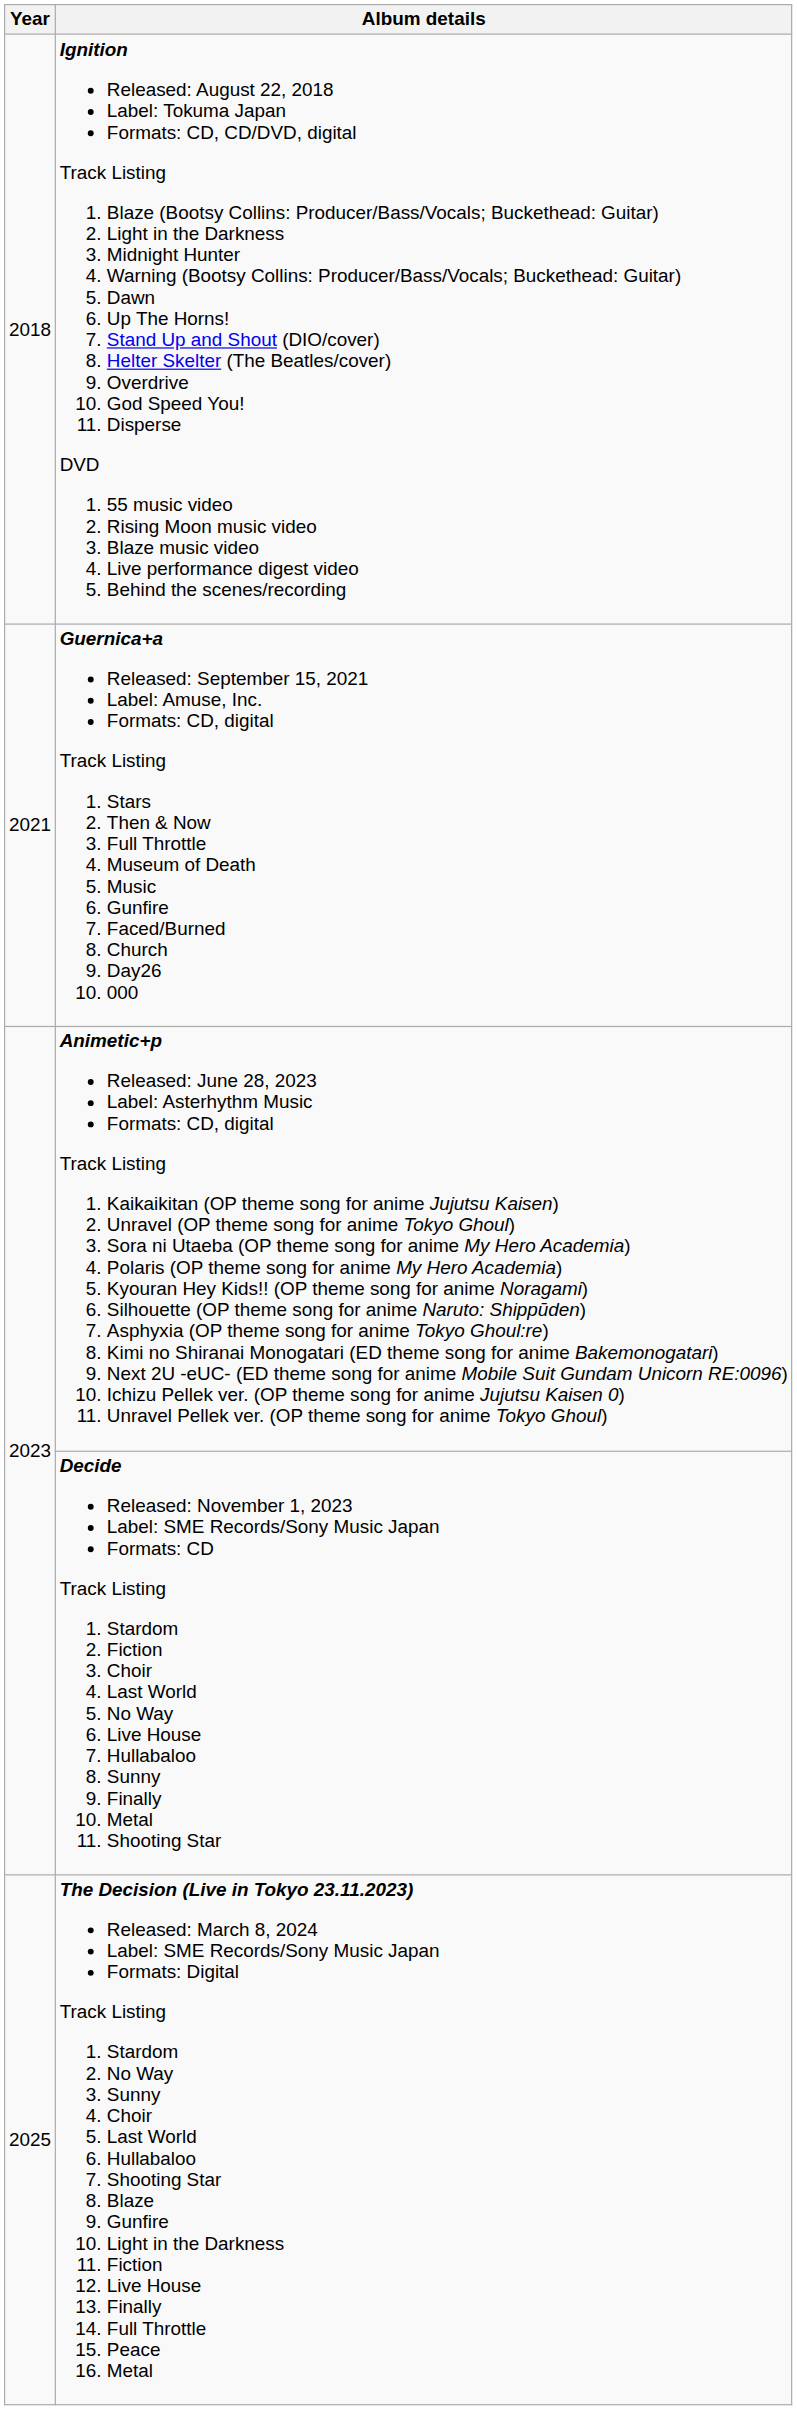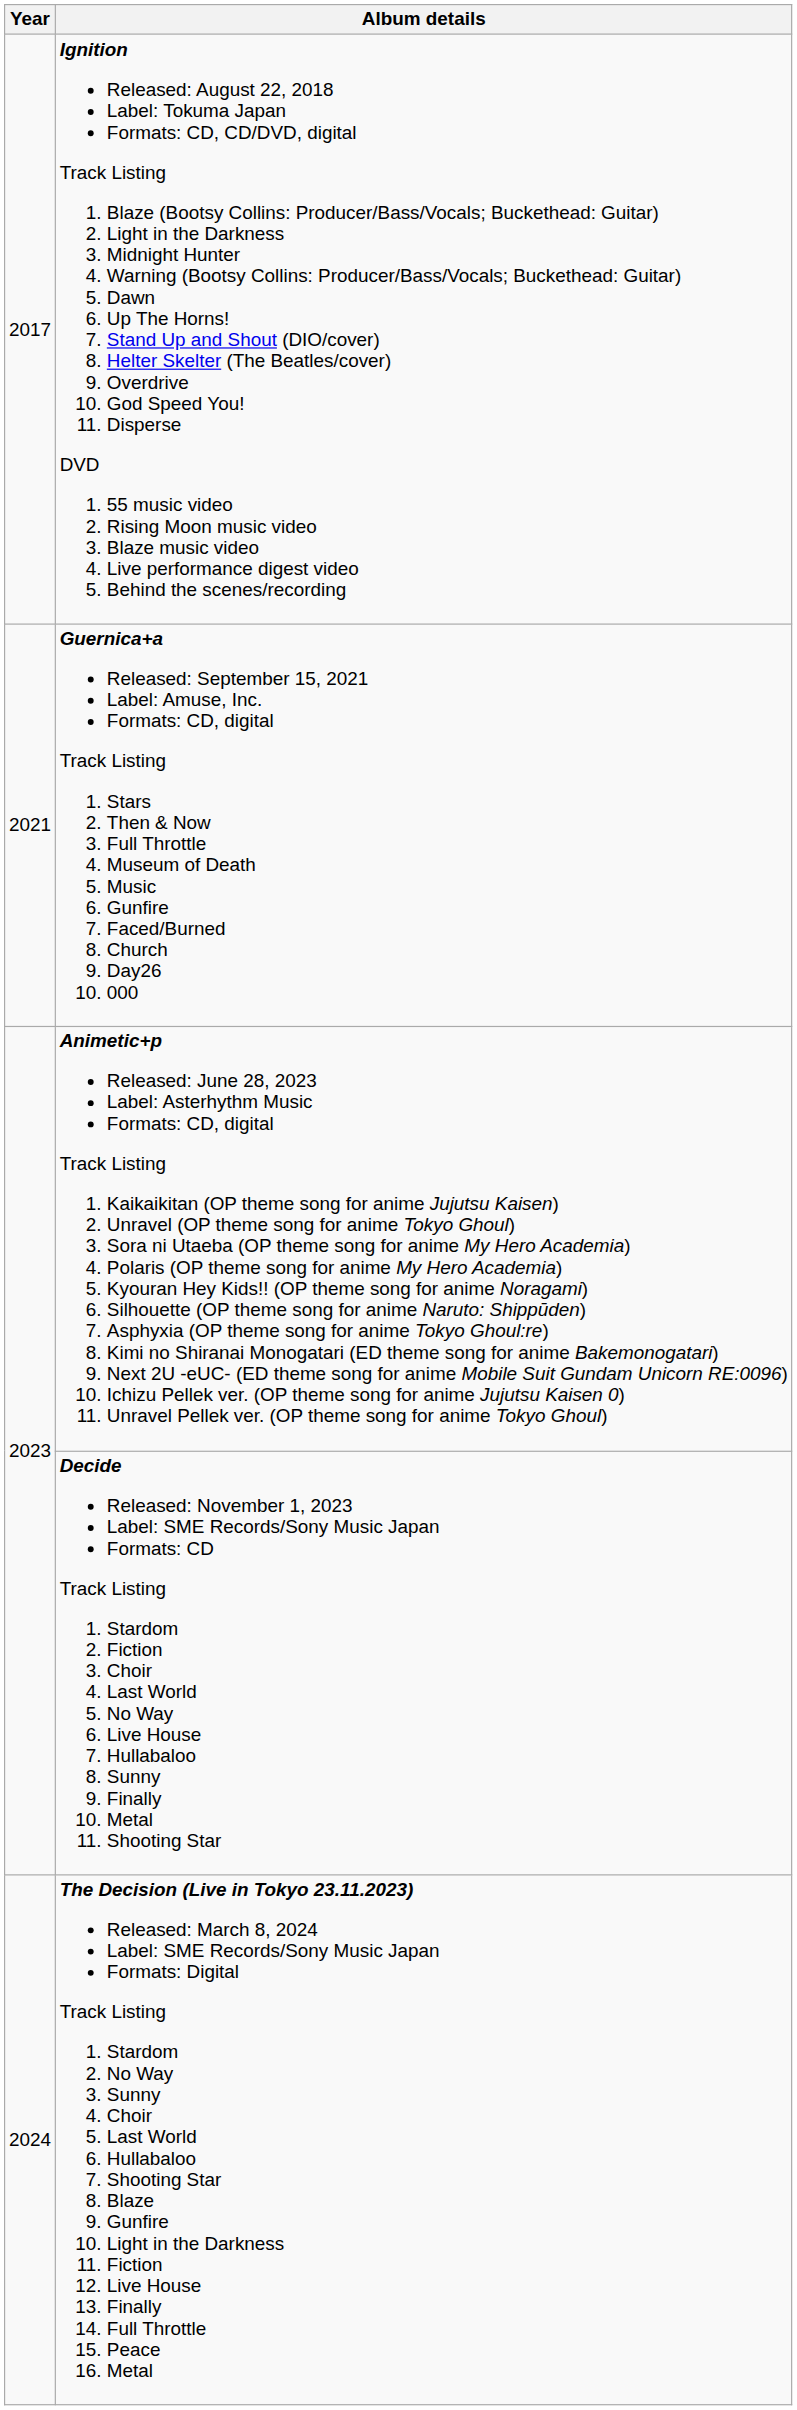 <table class="wikitable">
 <tr>
 <th>Year</th>
 <th>Album details</th>
 </tr>
 <tr>
-<td>2018</td>
+<td>2017</td>
 <td><strong><em>Ignition</em></strong><br><ul><li>Released: August 22, 2018</li><li>Label: Tokuma Japan</li><li>Formats: CD, CD/DVD, digital</li></ul>Track Listing<ol><li>Blaze (Bootsy Collins: Producer/Bass/Vocals; Buckethead: Guitar)</li><li>Light in the Darkness</li><li>Midnight Hunter</li><li>Warning (Bootsy Collins: Producer/Bass/Vocals; Buckethead: Guitar)</li><li>Dawn</li><li>Up The Horns!</li><li><a href='#'>Stand Up and Shout</a> (DIO/cover)</li><li><a href='#'>Helter Skelter</a> (The Beatles/cover)</li><li>Overdrive</li><li>God Speed You!</li><li>Disperse</li></ol>DVD<ol><li>55 music video</li><li>Rising Moon music video</li><li>Blaze music video</li><li>Live performance digest video</li><li>Behind the scenes/recording</li></ol></td>
 </tr>
 <tr>
 <td>2021</td>
 <td><strong><em>Guernica+a</em></strong><br><ul><li>Released: September 15, 2021</li><li>Label: Amuse, Inc.</li><li>Formats: CD, digital</li></ul>Track Listing<ol><li>Stars</li><li>Then & Now</li><li>Full Throttle</li><li>Museum of Death</li><li>Music</li><li>Gunfire</li><li>Faced/Burned</li><li>Church</li><li>Day26</li><li>000</li></ol></td>
 </tr>
 <tr>
 <td rowspan="2">2023</td>
 <td><strong><em>Animetic+p</em></strong><br><ul><li>Released: June 28, 2023</li><li>Label: Asterhythm Music</li><li>Formats: CD, digital</li></ul>Track Listing<ol><li>Kaikaikitan (OP theme song for anime <em>Jujutsu Kaisen</em>)</li><li>Unravel (OP theme song for anime <em>Tokyo Ghoul</em>)</li><li>Sora ni Utaeba (OP theme song for anime <em>My Hero Academia</em>)</li><li>Polaris (OP theme song for anime <em>My Hero Academia</em>)</li><li>Kyouran Hey Kids!! (OP theme song for anime <em>Noragami</em>)</li><li>Silhouette (OP theme song for anime <em>Naruto: Shippūden</em>)</li><li>Asphyxia (OP theme song for anime <em>Tokyo Ghoul:re</em>)</li><li>Kimi no Shiranai Monogatari (ED theme song for anime <em>Bakemonogatari</em>)</li><li>Next 2U -eUC- (ED theme song for anime <em>Mobile Suit Gundam Unicorn RE:0096</em>)</li><li>Ichizu Pellek ver. (OP theme song for anime <em>Jujutsu Kaisen 0</em>)</li><li>Unravel Pellek ver. (OP theme song for anime <em>Tokyo Ghoul</em>)</li></ol></td>
 </tr>
 <tr>
 <td><strong><em>Decide</em></strong><br><ul><li>Released: November 1, 2023</li><li>Label: SME Records/Sony Music Japan</li><li>Formats: CD</li></ul>Track Listing<ol><li>Stardom</li><li>Fiction</li><li>Choir</li><li>Last World</li><li>No Way</li><li>Live House</li><li>Hullabaloo</li><li>Sunny</li><li>Finally</li><li>Metal</li><li>Shooting Star</li></ol></td>
 </tr>
 <tr>
-<td>2025</td>
+<td>2024</td>
 <td><strong><em>The Decision (Live in Tokyo 23.11.2023)</em></strong><br><ul><li>Released: March 8, 2024</li><li>Label: SME Records/Sony Music Japan</li><li>Formats: Digital</li></ul>Track Listing<ol><li>Stardom</li><li>No Way</li><li>Sunny</li><li>Choir</li><li>Last World</li><li>Hullabaloo</li><li>Shooting Star</li><li>Blaze</li><li>Gunfire</li><li>Light in the Darkness</li><li>Fiction</li><li>Live House</li><li>Finally</li><li>Full Throttle</li><li>Peace</li><li>Metal</li></ol></td>
 </tr>
 </table>
